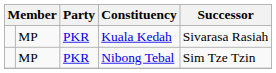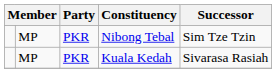 <table class="sortable wikitable">
 <tr>
 <th colspan="2" valign="top">Member</th>
 <th valign="top">Party</th>
 <th valign="top">Constituency</th>
 <th class="unsortable" valign="top">Successor</th>
 </tr>
 <tr>
 <td></td>
 <td> MP</td>
 <td><a href='#'>PKR</a></td>
-<td><a href='#'>Kuala Kedah</a></td>
-<td>Sivarasa Rasiah</td>
+<td><a href='#'>Nibong Tebal</a></td>
+<td>Sim Tze Tzin</td>
 </tr>
 <tr>
 <td></td>
 <td> MP</td>
 <td><a href='#'>PKR</a></td>
-<td><a href='#'>Nibong Tebal</a></td>
-<td>Sim Tze Tzin</td>
+<td><a href='#'>Kuala Kedah</a></td>
+<td>Sivarasa Rasiah</td>
 </tr>
 <tr>
 </tr>
 </table>
